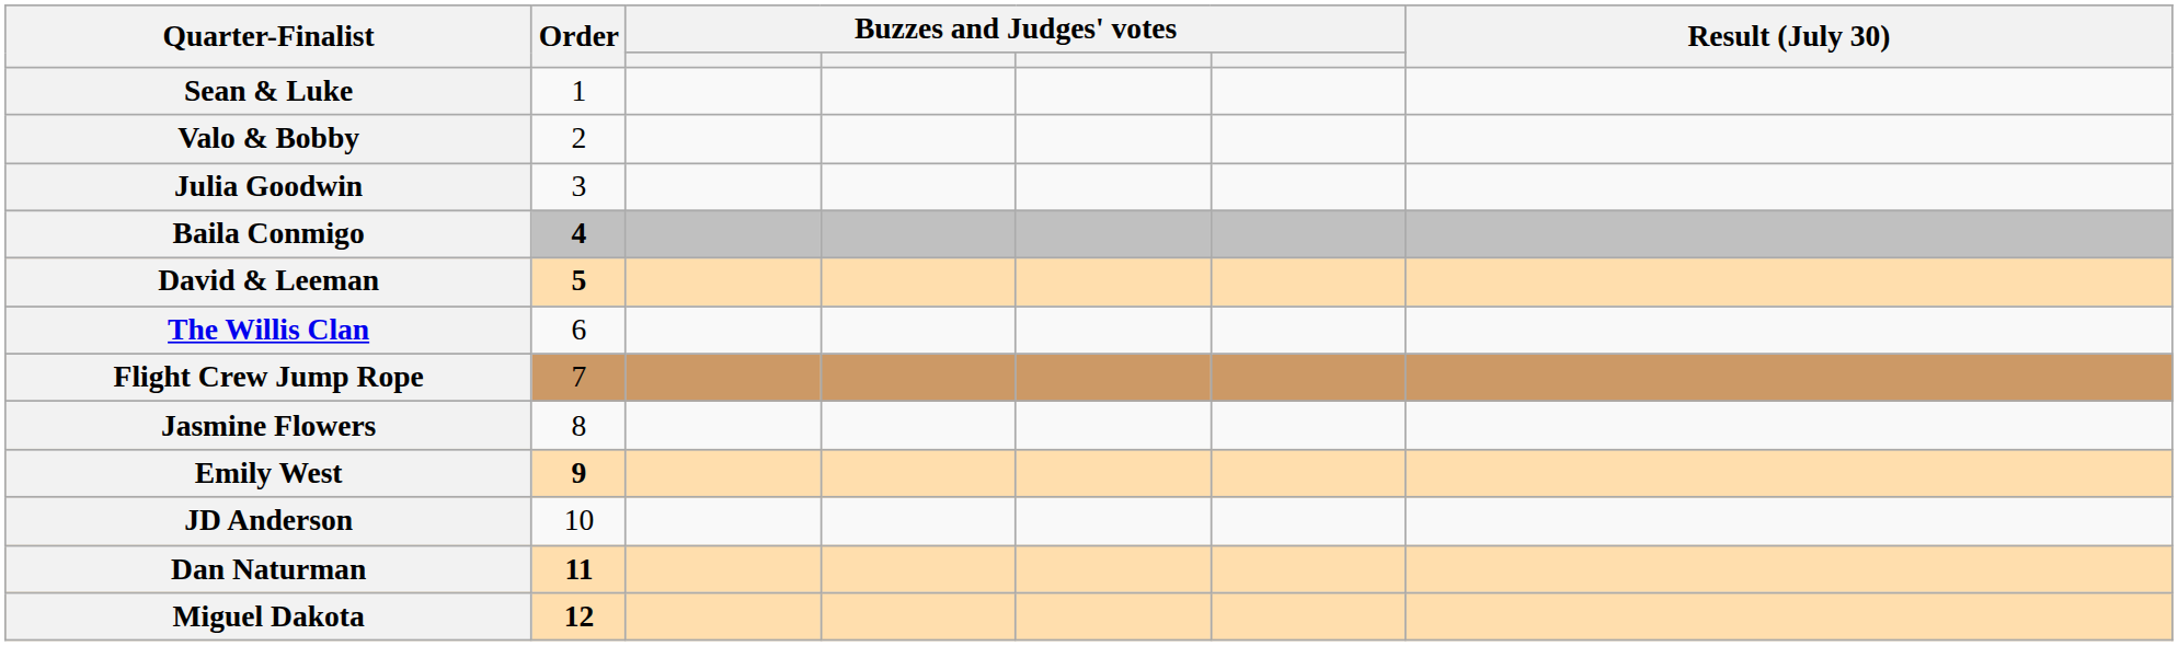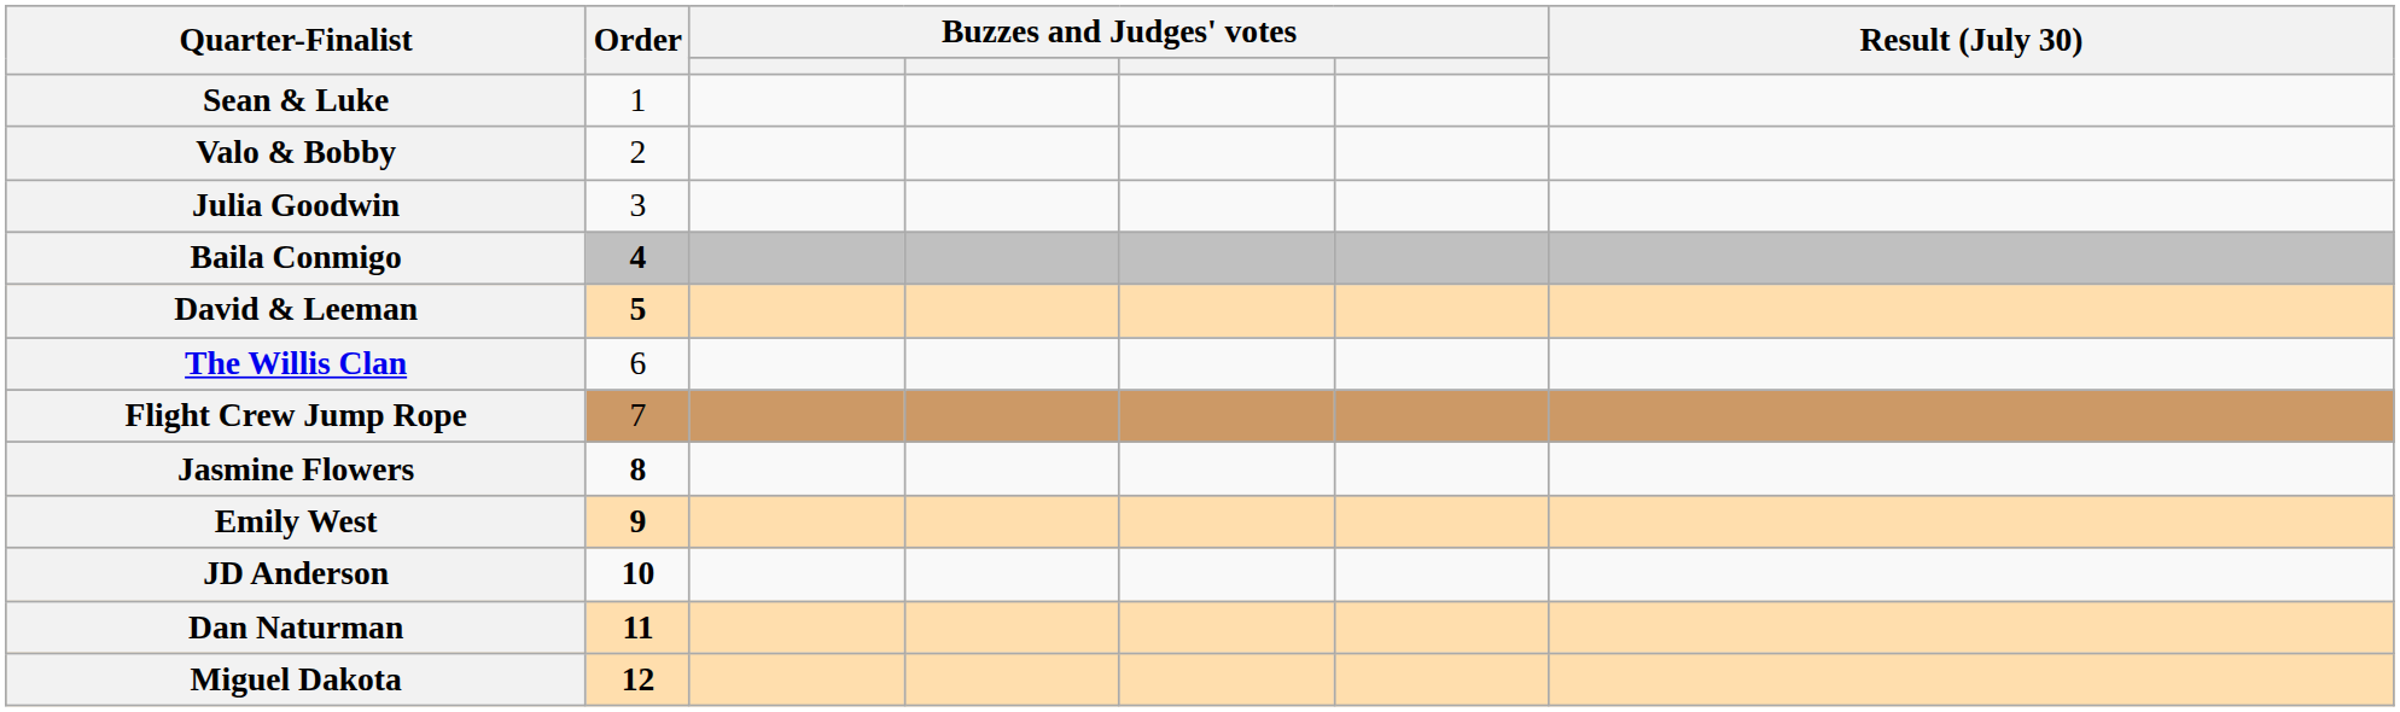 <table class="wikitable plainrowheaders sortable" style="text-align:center;">
 <tr>
 <th scope="col" rowspan="2" class="unsortable" style="width:17em;">Quarter-Finalist</th>
 <th scope="col" rowspan="2" style="width:1em;">Order</th>
 <th scope="col" colspan="4" class="unsortable" style="width:24em;">Buzzes and Judges' votes</th>
 <th scope="col" rowspan="2" style="width:25em;">Result (July 30)</th>
 </tr>
 <tr>
 <th scope="col" class="unsortable" style="width:6em;"></th>
 <th scope="col" class="unsortable" style="width:6em;"></th>
 <th scope="col" class="unsortable" style="width:6em;"></th>
 <th scope="col" class="unsortable" style="width:6em;"></th>
 </tr>
 <tr>
 <th scope="row">Sean & Luke</th>
 <td>1</td>
 <td style="text-align:center;"></td>
 <td style="text-align:center;"></td>
 <td style="text-align:center;"></td>
 <td style="text-align:center;"></td>
 <td></td>
 </tr>
 <tr>
 <th scope="row">Valo & Bobby</th>
 <td>2</td>
 <td style="text-align:center;"></td>
 <td style="text-align:center;"></td>
 <td style="text-align:center;"></td>
 <td style="text-align:center;"></td>
 <td></td>
 </tr>
 <tr>
 <th scope="row">Julia Goodwin</th>
 <td>3</td>
 <td style="text-align:center;"></td>
 <td style="text-align:center;"></td>
 <td style="text-align:center;"></td>
 <td style="text-align:center;"></td>
 <td></td>
 </tr>
 <tr style="background:silver">
 <th scope="row"><strong>Baila Conmigo</strong></th>
 <td><strong>4</strong></td>
 <td style="text-align:center;"></td>
 <td style="text-align:center;"></td>
 <td style="text-align:center;"></td>
 <td style="text-align:center;"></td>
 <td><strong></strong></td>
 </tr>
 <tr style="background:NavajoWhite">
 <th scope="row"><strong>David & Leeman</strong></th>
 <td><strong>5</strong></td>
 <td style="text-align:center;"></td>
 <td style="text-align:center;"></td>
 <td style="text-align:center;"></td>
 <td style="text-align:center;"></td>
 <td><strong></strong></td>
 </tr>
 <tr>
 <th scope="row"><a href='#'>The Willis Clan</a></th>
 <td>6</td>
 <td style="text-align:center;"></td>
 <td style="text-align:center;"></td>
 <td style="text-align:center;"></td>
 <td style="text-align:center;"></td>
 <td></td>
 </tr>
 <tr style="background:#c96">
 <th scope="row">Flight Crew Jump Rope </th>
 <td>7</td>
 <td style="text-align:center;"></td>
 <td style="text-align:center;"></td>
 <td style="text-align:center;"></td>
 <td style="text-align:center;"></td>
 <td></td>
 </tr>
 <tr>
 <th scope="row">Jasmine Flowers</th>
-<td>8</td>
+<td><strong>8</strong></td>
 <td style="text-align:center;"></td>
 <td style="text-align:center;"></td>
 <td style="text-align:center;"></td>
 <td style="text-align:center;"></td>
 <td></td>
 </tr>
 <tr style="background:NavajoWhite">
 <th scope="row"><strong>Emily West</strong></th>
 <td><strong>9</strong></td>
 <td style="text-align:center;"></td>
 <td style="text-align:center;"></td>
 <td style="text-align:center;"></td>
 <td style="text-align:center;"></td>
 <td><strong></strong></td>
 </tr>
 <tr>
 <th scope="row">JD Anderson</th>
-<td>10</td>
+<td><strong>10</strong></td>
 <td style="text-align:center;"></td>
 <td style="text-align:center;"></td>
 <td style="text-align:center;"></td>
 <td style="text-align:center;"></td>
 <td></td>
 </tr>
 <tr style="background:NavajoWhite">
 <th scope="row"><strong>Dan Naturman</strong></th>
 <td><strong>11</strong></td>
 <td style="text-align:center;"></td>
 <td style="text-align:center;"></td>
 <td style="text-align:center;"></td>
 <td style="text-align:center;"></td>
 <td><strong></strong></td>
 </tr>
 <tr style="background:NavajoWhite">
 <th scope="row"><strong>Miguel Dakota</strong></th>
 <td><strong>12</strong></td>
 <td style="text-align:center;"></td>
 <td style="text-align:center;"></td>
 <td style="text-align:center;"></td>
 <td style="text-align:center;"></td>
 <td><strong></strong></td>
 </tr>
 </table>
